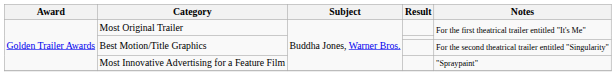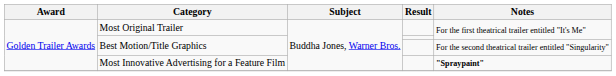 <table class="wikitable">
 <tr>
 <th>Award</th>
 <th>Category</th>
 <th>Subject</th>
 <th>Result</th>
 <th>Notes</th>
 </tr>
 <tr>
 <td rowspan=4><a href='#'>Golden Trailer Awards</a></td>
 <td>Most Original Trailer</td>
 <td rowspan=4>Buddha Jones, <a href='#'>Warner Bros.</a></td>
 <td></td>
 <td rowspan=2><small>For the first theatrical trailer entitled "It's Me"</small></td>
 </tr>
 <tr>
 <td rowspan=2>Best Motion/Title Graphics</td>
 <td></td>
 </tr>
 <tr>
 <td></td>
 <td><small>For the second theatrical trailer entitled "Singularity"</small></td>
 </tr>
 <tr>
 <td>Most Innovative Advertising for a Feature Film</td>
 <td></td>
-<td><small>"Spraypaint"</small></td>
+<td><strong><small>"Spraypaint"</small></strong></td>
 </tr>
 <tr>
 </tr>
 </table>
